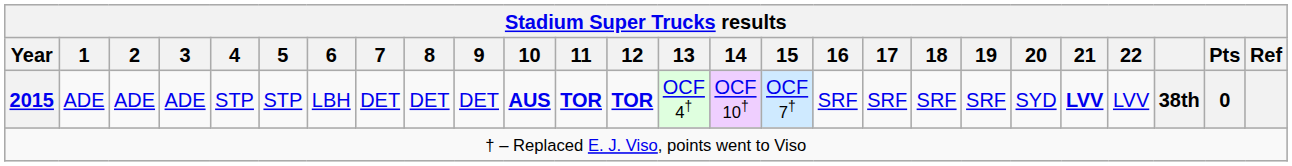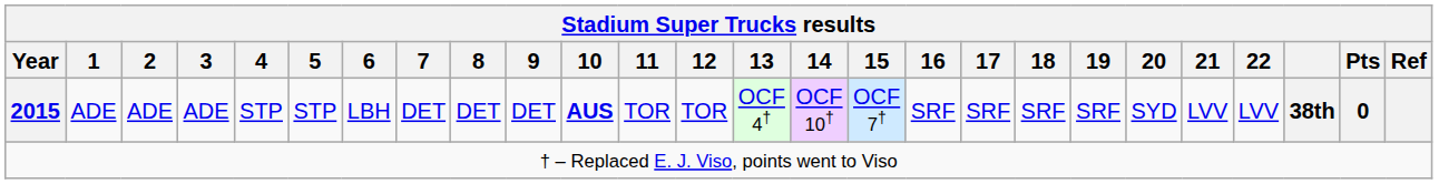 <table class="wikitable" style="text-align:center; font-size:80%">
 <tr>
 <th colspan=45><a href='#'>Stadium Super Trucks</a> results</th>
 </tr>
 <tr>
 <th>Year</th>
 <th>1</th>
 <th>2</th>
 <th>3</th>
 <th>4</th>
 <th>5</th>
 <th>6</th>
 <th>7</th>
 <th>8</th>
 <th>9</th>
 <th>10</th>
 <th>11</th>
 <th>12</th>
 <th>13</th>
 <th>14</th>
 <th>15</th>
 <th>16</th>
 <th>17</th>
 <th>18</th>
 <th>19</th>
 <th>20</th>
 <th>21</th>
 <th>22</th>
 <th></th>
 <th>Pts</th>
 <th>Ref</th>
 </tr>
 <tr>
 <th><a href='#'>2015</a></th>
 <td><a href='#'>ADE</a></td>
 <td><a href='#'>ADE</a></td>
 <td><a href='#'>ADE</a></td>
 <td><a href='#'>STP</a></td>
 <td><a href='#'>STP</a></td>
 <td><a href='#'>LBH</a></td>
 <td><a href='#'>DET</a></td>
 <td><a href='#'>DET</a></td>
 <td><a href='#'>DET</a></td>
 <td><strong><a href='#'>AUS</a></strong></td>
-<td><strong><a href='#'>TOR</a></strong></td>
-<td><strong><a href='#'>TOR</a></strong></td>
+<td><a href='#'>TOR</a></td>
+<td><a href='#'>TOR</a></td>
 <td style="background:#DFFFDF;"><a href='#'>OCF</a><br><small>4<sup>†</sup></small></td>
 <td style="background:#EFCFFF;"><a href='#'>OCF</a><br><small>10<sup>†</sup></small></td>
 <td style="background:#CFEAFF;"><a href='#'>OCF</a><br><small>7<sup>†</sup></small></td>
 <td><a href='#'>SRF</a></td>
 <td><a href='#'>SRF</a></td>
 <td><a href='#'>SRF</a></td>
 <td><a href='#'>SRF</a></td>
 <td><a href='#'>SYD</a></td>
-<td><strong><a href='#'>LVV</a></strong></td>
+<td><a href='#'>LVV</a></td>
 <td><a href='#'>LVV</a></td>
 <th>38th</th>
 <th>0</th>
 <th></th>
 </tr>
 <tr>
 <td colspan=45><small>† – Replaced <a href='#'>E. J. Viso</a>, points went to Viso</small></td>
 </tr>
 </table>
